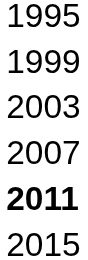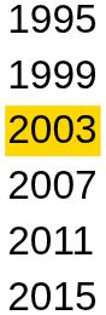 <table>
 <tr>
 <td>1995</td>
 <td></td>
 <td></td>
 <td></td>
 </tr>
 <tr>
 <td>1999</td>
 <td></td>
 <td></td>
 <td></td>
 </tr>
 <tr>
-<td>2003</td>
+<td style="background: gold;">2003</td>
 <td></td>
 <td></td>
 <td></td>
 </tr>
 <tr>
 <td>2007</td>
 <td></td>
 <td></td>
 <td></td>
 </tr>
 <tr>
-<td><strong>2011<br></strong></td>
+<td>2011<br></td>
 <td></td>
 <td></td>
 <td></td>
 </tr>
 <tr>
 <td>2015<br></td>
 <td></td>
 <td></td>
 <td></td>
 </tr>
 </table>
